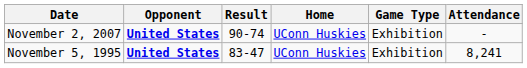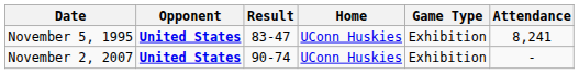 <table class="wikitable">
 <tr>
 <th>Date</th>
 <th>Opponent</th>
 <th>Result</th>
 <th>Home</th>
 <th>Game Type</th>
 <th>Attendance</th>
 </tr>
 <tr align=center>
+<td>November 5, 1995</td>
+<td><strong><a href='#'>United States</a></strong> </td>
+<td>83-47</td>
+<td><a href='#'>UConn Huskies</a></td>
+<td>Exhibition</td>
+<td>8,241 </td>
+</tr>
+<tr align=center>
 <td>November 2, 2007</td>
 <td><strong><a href='#'>United States</a></strong> </td>
 <td>90-74</td>
 <td><a href='#'>UConn Huskies</a></td>
 <td>Exhibition</td>
 <td>- </td>
 </tr>
-<tr align=center>
-<td>November 5, 1995</td>
-<td><strong><a href='#'>United States</a></strong> </td>
-<td>83-47</td>
-<td><a href='#'>UConn Huskies</a></td>
-<td>Exhibition</td>
-<td>8,241 </td>
-</tr>
 </table>
